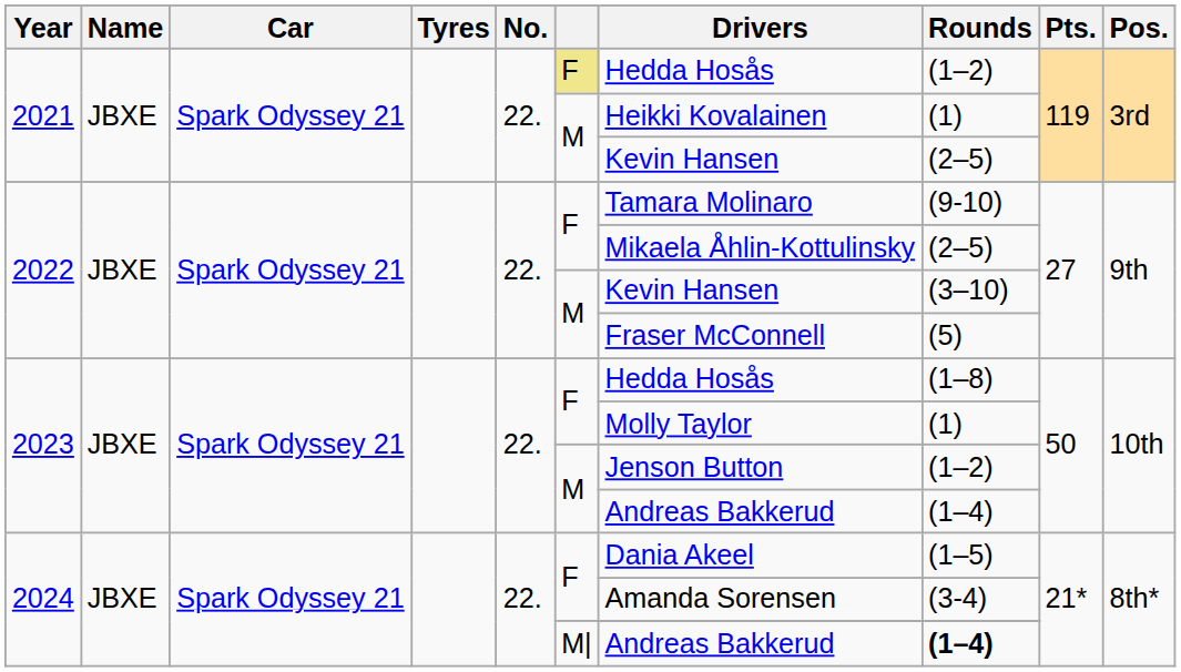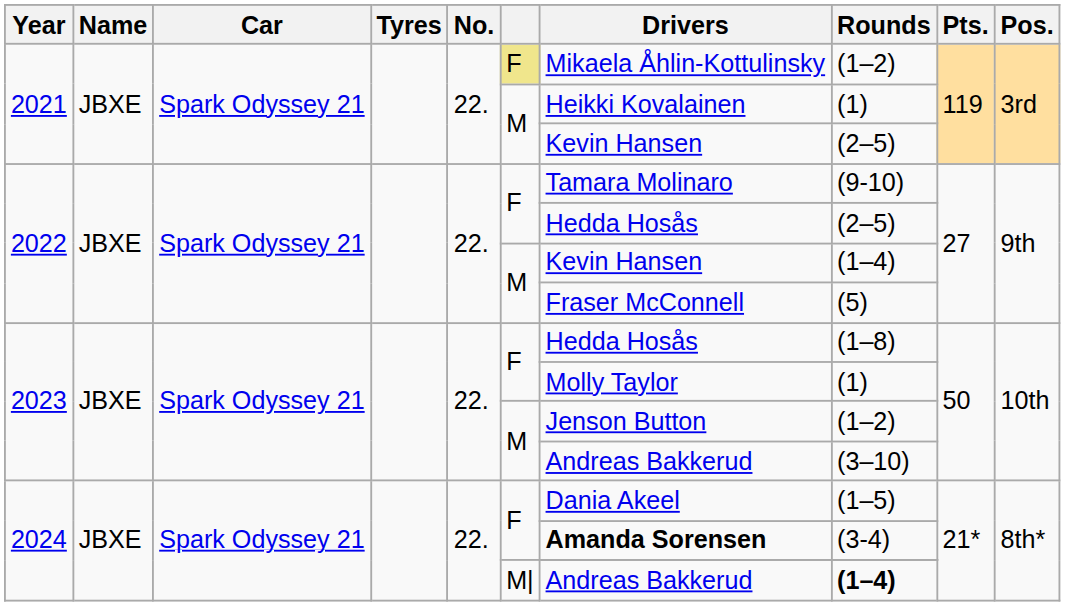 <table class="wikitable" style="text-align:left; font-size:85%">
 <tr>
 <th>Year</th>
 <th>Name</th>
 <th>Car</th>
 <th>Tyres</th>
 <th>No.</th>
 <th></th>
 <th>Drivers</th>
 <th>Rounds</th>
 <th>Pts.</th>
 <th>Pos.</th>
 </tr>
 <tr>
 <td rowspan="3"><a href='#'>2021</a></td>
 <td rowspan="3"> JBXE</td>
 <td rowspan="3"><a href='#'>Spark Odyssey 21</a></td>
 <td rowspan="3"></td>
 <td rowspan="3">22.</td>
 <td style="background: khaki;">F</td>
-<td> <a href='#'>Hedda Hosås</a></td>
+<td> <a href='#'>Mikaela Åhlin-Kottulinsky</a></td>
 <td>(1–2)</td>
 <td rowspan="3" style="background:#ffdf9f;">119</td>
 <td rowspan="3" style="background:#ffdf9f;">3rd</td>
 </tr>
 <tr>
 <td rowspan="2">M</td>
 <td> <a href='#'>Heikki Kovalainen</a></td>
 <td>(1)</td>
 </tr>
 <tr>
 <td> <a href='#'>Kevin Hansen</a></td>
 <td>(2–5)</td>
 </tr>
 <tr>
 <td rowspan="4"><a href='#'>2022</a></td>
 <td rowspan="4"> JBXE</td>
 <td rowspan="4"><a href='#'>Spark Odyssey 21</a></td>
 <td rowspan="4"></td>
 <td rowspan="4">22.</td>
 <td rowspan="2">F</td>
 <td> <a href='#'>Tamara Molinaro</a></td>
 <td>(9-10)</td>
 <td rowspan="4">27</td>
 <td rowspan="4">9th</td>
 </tr>
 <tr>
-<td> <a href='#'>Mikaela Åhlin-Kottulinsky</a></td>
+<td> <a href='#'>Hedda Hosås</a></td>
 <td>(2–5)</td>
 </tr>
 <tr>
 <td rowspan="2">M</td>
 <td> <a href='#'>Kevin Hansen</a></td>
-<td>(3–10)</td>
+<td>(1–4)</td>
 </tr>
 <tr>
 <td> <a href='#'>Fraser McConnell</a></td>
 <td>(5)</td>
 </tr>
 <tr>
 <td rowspan="4"><a href='#'>2023</a></td>
 <td rowspan="4"> JBXE</td>
 <td rowspan="4"><a href='#'>Spark Odyssey 21</a></td>
 <td rowspan="4"></td>
 <td rowspan="4">22.</td>
 <td rowspan="2">F</td>
 <td> <a href='#'>Hedda Hosås</a></td>
 <td>(1–8)</td>
 <td rowspan="4">50</td>
 <td rowspan="4">10th</td>
 </tr>
 <tr>
 <td> <a href='#'>Molly Taylor</a></td>
 <td>(1)</td>
 </tr>
 <tr>
 <td rowspan="2">M</td>
 <td> <a href='#'>Jenson Button</a></td>
 <td>(1–2)</td>
 </tr>
 <tr>
 <td> <a href='#'>Andreas Bakkerud</a></td>
-<td>(1–4)</td>
+<td>(3–10)</td>
 </tr>
 <tr>
 <td rowspan="4"><a href='#'>2024</a></td>
 <td rowspan="4"> JBXE</td>
 <td rowspan="4"><a href='#'>Spark Odyssey 21</a></td>
 <td rowspan="4"></td>
 <td rowspan="4">22.</td>
 <td rowspan="2">F</td>
 <td> <a href='#'>Dania Akeel</a></td>
 <td>(1–5)</td>
 <td rowspan="4">21*</td>
 <td rowspan="4">8th*</td>
 </tr>
 <tr>
-<td> Amanda Sorensen</td>
+<td><strong> Amanda Sorensen</strong></td>
 <td>(3-4)</td>
 </tr>
 <tr>
 <td rowspan="2">M|</td>
 </tr>
 <tr>
 <td> <a href='#'>Andreas Bakkerud</a></td>
 <td><strong>(1–4)</strong></td>
 </tr>
 </table>
